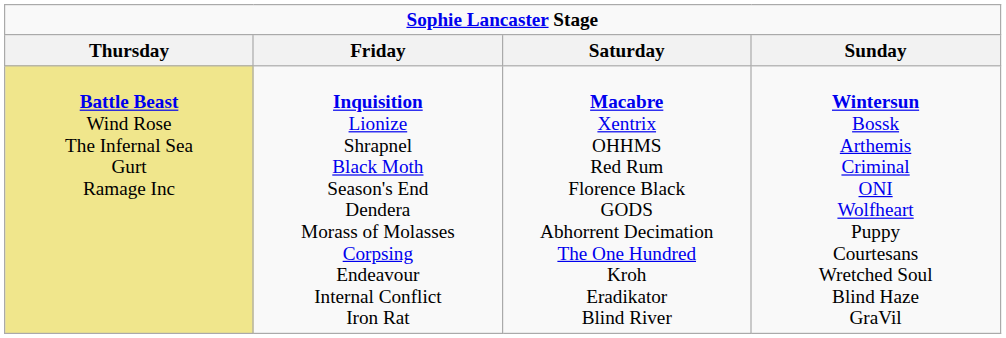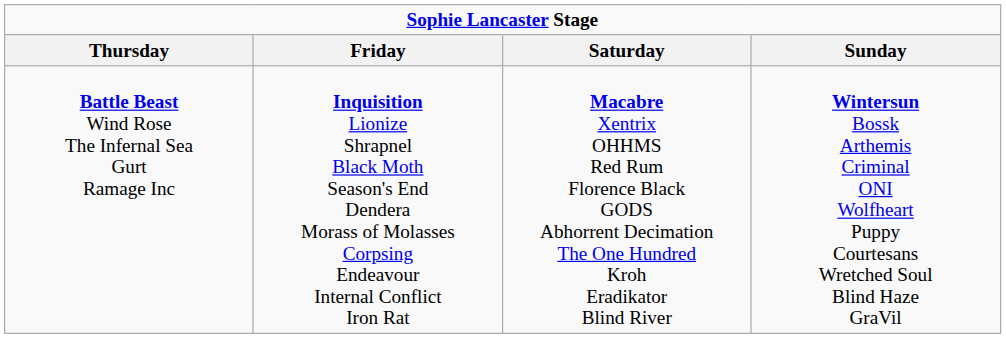 <table class="wikitable">
 <tr>
 <td colspan="4" align="center"><strong><a href='#'>Sophie Lancaster</a> Stage</strong></td>
 </tr>
 <tr>
 <th>Thursday</th>
 <th>Friday</th>
 <th>Saturday</th>
 <th>Sunday</th>
 </tr>
 <tr>
-<td align="center" valign="top" width="200" style="background: khaki;"><br><strong><a href='#'>Battle Beast</a></strong><br> Wind Rose<br> The Infernal Sea<br> Gurt<br> Ramage Inc</td>
+<td align="center" valign="top" width="200"><br><strong><a href='#'>Battle Beast</a></strong><br> Wind Rose<br> The Infernal Sea<br> Gurt<br> Ramage Inc</td>
 <td align="center" valign="top" width="200"><br><strong><a href='#'>Inquisition</a></strong><br> <a href='#'>Lionize</a><br> Shrapnel<br> <a href='#'>Black Moth</a><br> Season's End<br> Dendera<br> Morass of Molasses<br> <a href='#'>Corpsing</a><br> Endeavour<br> Internal Conflict<br> Iron Rat</td>
 <td align="center" valign="top" width="200"><br><strong><a href='#'>Macabre</a></strong><br> <a href='#'>Xentrix</a><br> OHHMS<br> Red Rum<br> Florence Black<br> GODS<br> Abhorrent Decimation<br> <a href='#'>The One Hundred</a><br> Kroh<br> Eradikator<br> Blind River</td>
 <td align="center" valign="top" width="200"><br><strong><a href='#'>Wintersun</a></strong><br> <a href='#'>Bossk</a><br> <a href='#'>Arthemis</a><br> <a href='#'>Criminal</a><br> <a href='#'>ONI</a><br> <a href='#'>Wolfheart</a><br> Puppy<br> Courtesans<br> Wretched Soul<br> Blind Haze<br> GraVil</td>
 </tr>
 </table>
